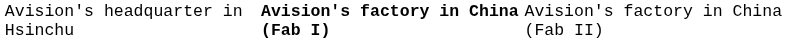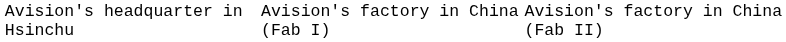 <table>
 <tr>
 <td></td>
 <td></td>
 <td></td>
 </tr>
 <tr>
 <td>Avision's headquarter in Hsinchu</td>
-<td><strong>Avision's factory in China (Fab I)</strong></td>
+<td>Avision's factory in China (Fab I)</td>
 <td>Avision's factory in China (Fab II)</td>
 </tr>
 </table>
